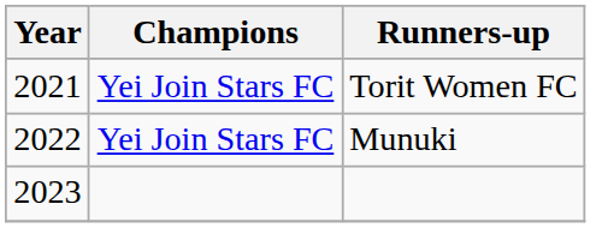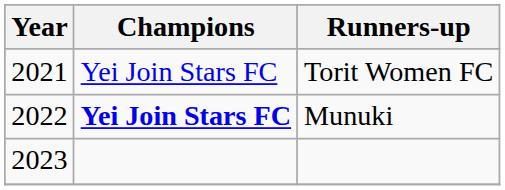 <table class="wikitable">
 <tr>
 <th>Year</th>
 <th>Champions</th>
 <th>Runners-up</th>
 </tr>
 <tr>
 <td>2021</td>
 <td><a href='#'>Yei Join Stars FC</a></td>
 <td>Torit Women FC</td>
 </tr>
 <tr>
 <td>2022</td>
-<td><a href='#'>Yei Join Stars FC</a></td>
+<td><strong><a href='#'>Yei Join Stars FC</a></strong></td>
 <td>Munuki</td>
 </tr>
 <tr>
 <td>2023</td>
 <td></td>
 <td></td>
 </tr>
 <tr>
 </tr>
 </table>
